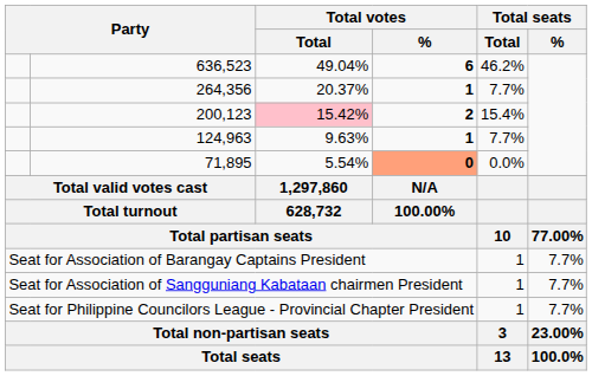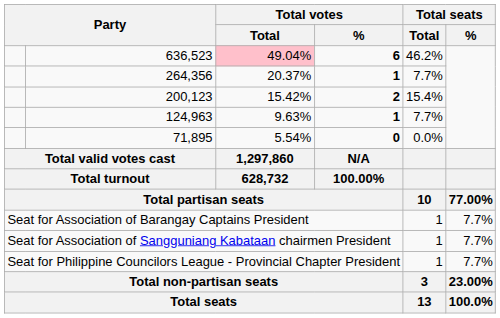 <table class=wikitable style="text-align:right">
 <tr>
 <th rowspan=2 colspan=2>Party</th>
 <th colspan=2>Total votes</th>
 <th colspan=2>Total seats</th>
 </tr>
 <tr>
 <th>Total</th>
 <th>%</th>
 <th>Total</th>
 <th>%</th>
 </tr>
 <tr>
 <td></td>
 <td>636,523</td>
-<td>49.04%</td>
+<td style="background: pink;">49.04%</td>
 <td><strong>6</strong></td>
 <td>46.2%</td>
 </tr>
 <tr>
 <td></td>
 <td>264,356</td>
 <td>20.37%</td>
 <td><strong>1</strong></td>
 <td>7.7%</td>
 </tr>
 <tr>
 <td></td>
 <td>200,123</td>
-<td style="background: pink;">15.42%</td>
+<td>15.42%</td>
 <td><strong>2</strong></td>
 <td>15.4%</td>
 </tr>
 <tr>
 <td></td>
 <td>124,963</td>
 <td>9.63%</td>
 <td><strong>1</strong></td>
 <td>7.7%</td>
 </tr>
 <tr>
 <td></td>
 <td>71,895</td>
 <td>5.54%</td>
-<td style="background: lightsalmon;"><strong>0</strong></td>
+<td><strong>0</strong></td>
 <td>0.0%</td>
 </tr>
 <tr>
 <th align=left colspan=2>Total valid votes cast</th>
 <th><strong>1,297,860</strong></th>
 <th>N/A</th>
 <th></th>
 <th></th>
 </tr>
 <tr>
 <th align=left colspan=2>Total turnout</th>
 <th>628,732</th>
 <th>100.00%</th>
 <th></th>
 <th></th>
 </tr>
 <tr>
 <th colspan=4>Total partisan seats</th>
 <th>10</th>
 <th>77.00%</th>
 </tr>
 <tr>
 <td align=left colspan=4>Seat for Association of Barangay Captains President</td>
 <td>1</td>
 <td>7.7%</td>
 </tr>
 <tr>
 <td align=left colspan=4>Seat for Association of <a href='#'>Sangguniang Kabataan</a> chairmen President</td>
 <td>1</td>
 <td>7.7%</td>
 </tr>
 <tr>
 <td align=left colspan=4>Seat for Philippine Councilors League - Provincial Chapter President</td>
 <td>1</td>
 <td>7.7%</td>
 </tr>
 <tr>
 <th align=left colspan=4>Total non-partisan seats</th>
 <th>3</th>
 <th>23.00%</th>
 </tr>
 <tr>
 <th colspan=4>Total seats</th>
 <th>13</th>
 <th>100.0%</th>
 </tr>
 </table>
